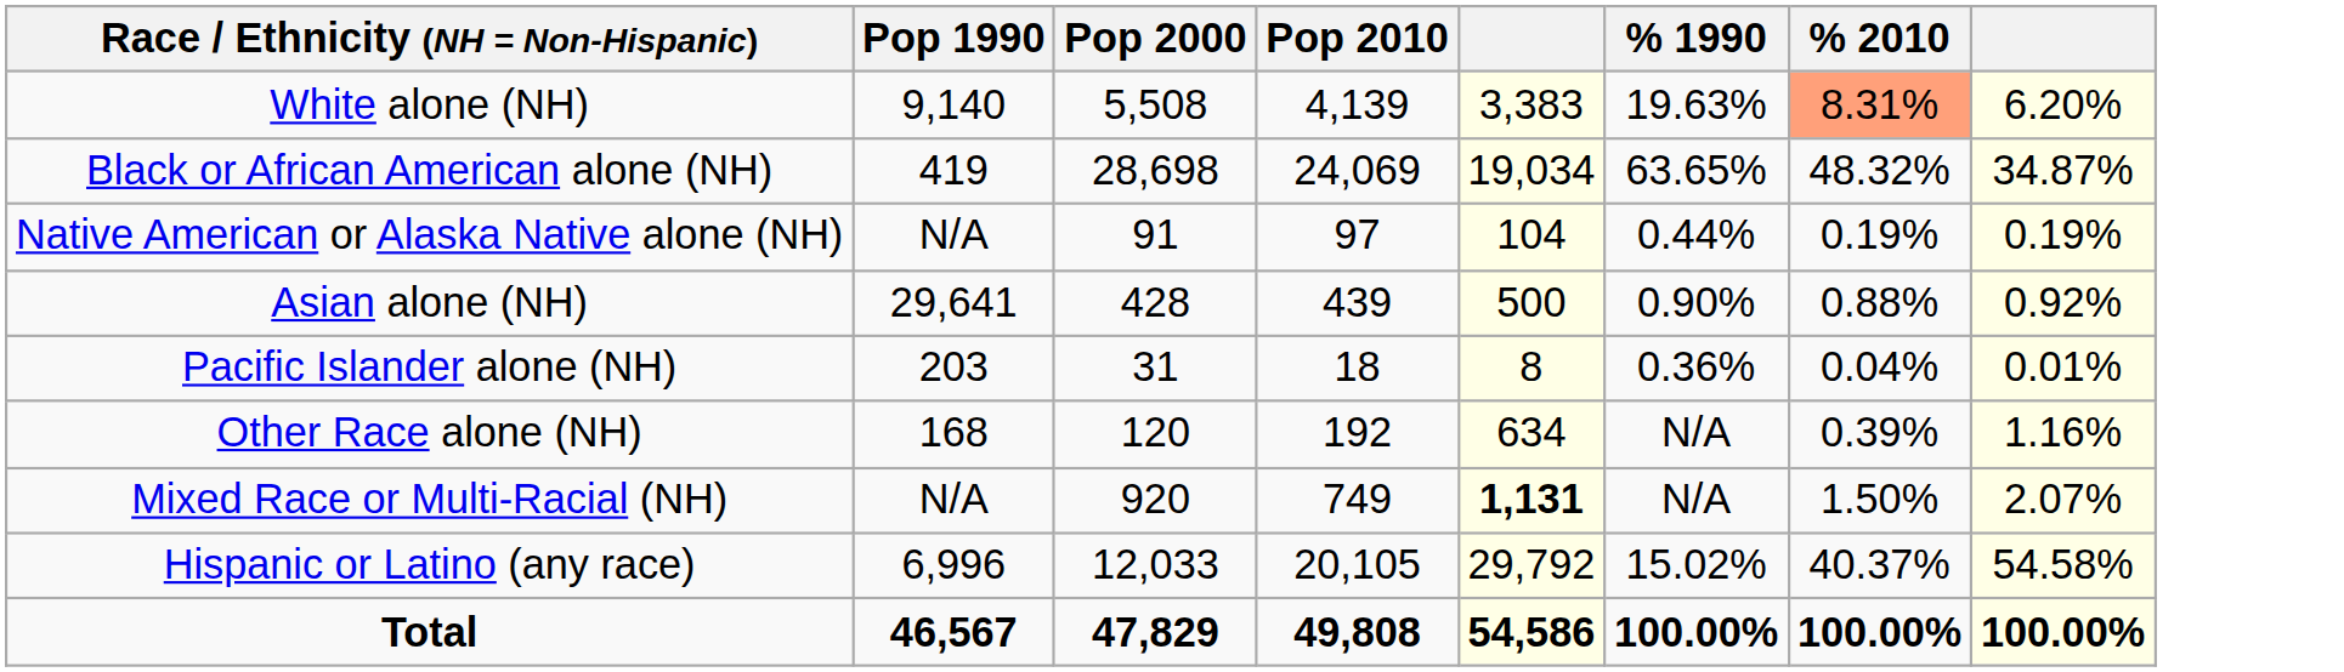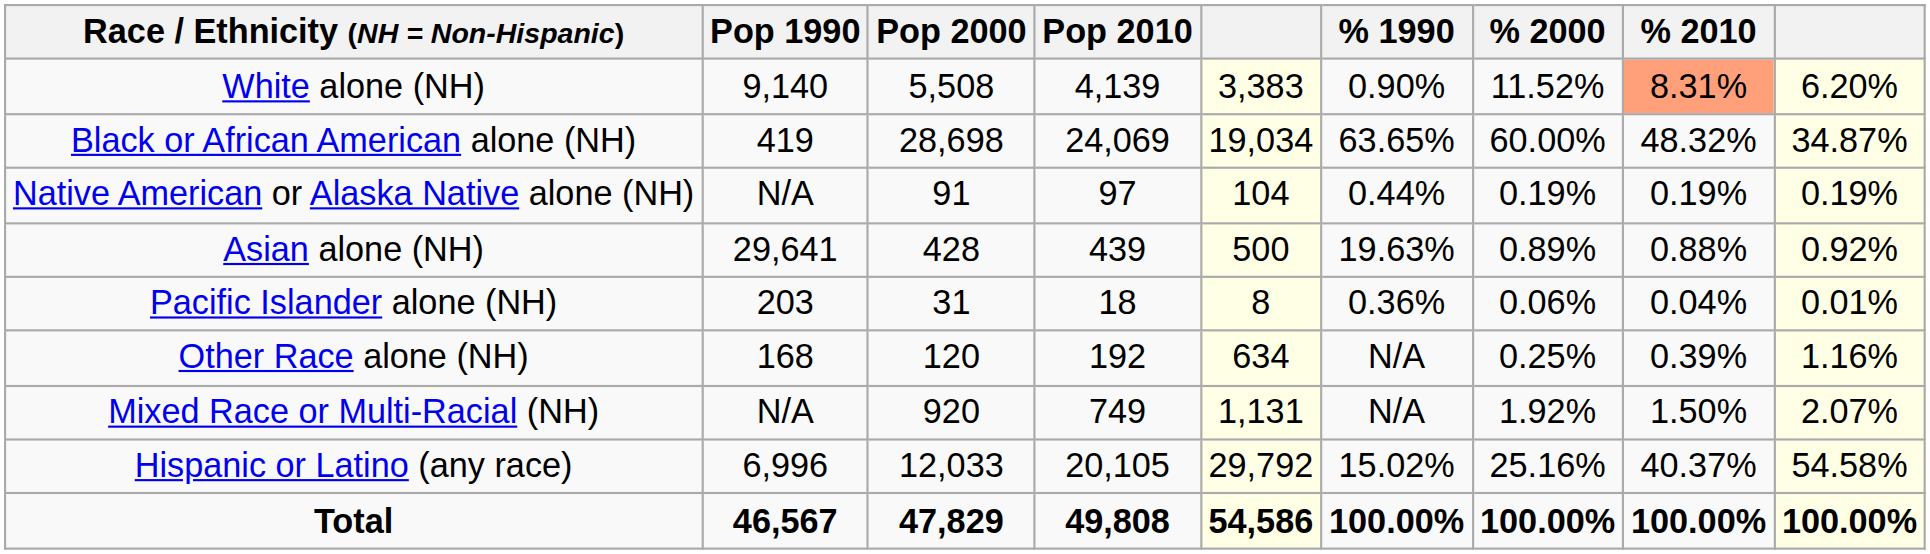 <table class="wikitable" style="text-align:center;">
 <tr>
 <th>Race / Ethnicity <small>(<em>NH = Non-Hispanic</em>)</small></th>
 <th>Pop 1990</th>
 <th>Pop 2000</th>
 <th>Pop 2010</th>
 <th></th>
 <th>% 1990</th>
+<th>% 2000</th>
 <th>% 2010</th>
 <th></th>
 </tr>
 <tr>
 <td><a href='#'>White</a> alone (NH)</td>
 <td>9,140</td>
 <td>5,508</td>
 <td>4,139</td>
 <td style='background: #ffffe6;'>3,383</td>
-<td>19.63%</td>
+<td>0.90%</td>
+<td>11.52%</td>
 <td style="background: lightsalmon;">8.31%</td>
 <td style='background: #ffffe6;'>6.20%</td>
 </tr>
 <tr>
 <td><a href='#'>Black or African American</a> alone (NH)</td>
 <td>419</td>
 <td>28,698</td>
 <td>24,069</td>
 <td style='background: #ffffe6;'>19,034</td>
 <td>63.65%</td>
+<td>60.00%</td>
 <td>48.32%</td>
 <td style='background: #ffffe6;'>34.87%</td>
 </tr>
 <tr>
 <td><a href='#'>Native American</a> or <a href='#'>Alaska Native</a> alone (NH)</td>
 <td>N/A</td>
 <td>91</td>
 <td>97</td>
 <td style='background: #ffffe6;'>104</td>
 <td>0.44%</td>
 <td>0.19%</td>
+<td>0.19%</td>
 <td style='background: #ffffe6;'>0.19%</td>
 </tr>
 <tr>
 <td><a href='#'>Asian</a> alone (NH)</td>
 <td>29,641</td>
 <td>428</td>
 <td>439</td>
 <td style='background: #ffffe6;'>500</td>
-<td>0.90%</td>
+<td>19.63%</td>
+<td>0.89%</td>
 <td>0.88%</td>
 <td style='background: #ffffe6;'>0.92%</td>
 </tr>
 <tr>
 <td><a href='#'>Pacific Islander</a> alone (NH)</td>
 <td>203</td>
 <td>31</td>
 <td>18</td>
 <td style='background: #ffffe6;'>8</td>
 <td>0.36%</td>
+<td>0.06%</td>
 <td>0.04%</td>
 <td style='background: #ffffe6;'>0.01%</td>
 </tr>
 <tr>
 <td><a href='#'>Other Race</a> alone (NH)</td>
 <td>168</td>
 <td>120</td>
 <td>192</td>
 <td style='background: #ffffe6;'>634</td>
 <td>N/A</td>
+<td>0.25%</td>
 <td>0.39%</td>
 <td style='background: #ffffe6;'>1.16%</td>
 </tr>
 <tr>
 <td><a href='#'>Mixed Race or Multi-Racial</a> (NH)</td>
 <td>N/A</td>
 <td>920</td>
 <td>749</td>
-<td style='background: #ffffe6;'><strong>1,131</strong></td>
+<td style='background: #ffffe6;'>1,131</td>
 <td>N/A</td>
+<td>1.92%</td>
 <td>1.50%</td>
 <td style='background: #ffffe6;'>2.07%</td>
 </tr>
 <tr>
 <td><a href='#'>Hispanic or Latino</a> (any race)</td>
 <td>6,996</td>
 <td>12,033</td>
 <td>20,105</td>
 <td style='background: #ffffe6;'>29,792</td>
 <td>15.02%</td>
+<td>25.16%</td>
 <td>40.37%</td>
 <td style='background: #ffffe6;'>54.58%</td>
 </tr>
 <tr>
 <td><strong>Total</strong></td>
 <td><strong>46,567</strong></td>
 <td><strong>47,829</strong></td>
 <td><strong>49,808</strong></td>
 <td style='background: #ffffe6;'><strong>54,586</strong></td>
 <td><strong>100.00%</strong></td>
 <td><strong>100.00%</strong></td>
+<td><strong>100.00%</strong></td>
 <td style='background: #ffffe6;'><strong>100.00%</strong></td>
 </tr>
 </table>
